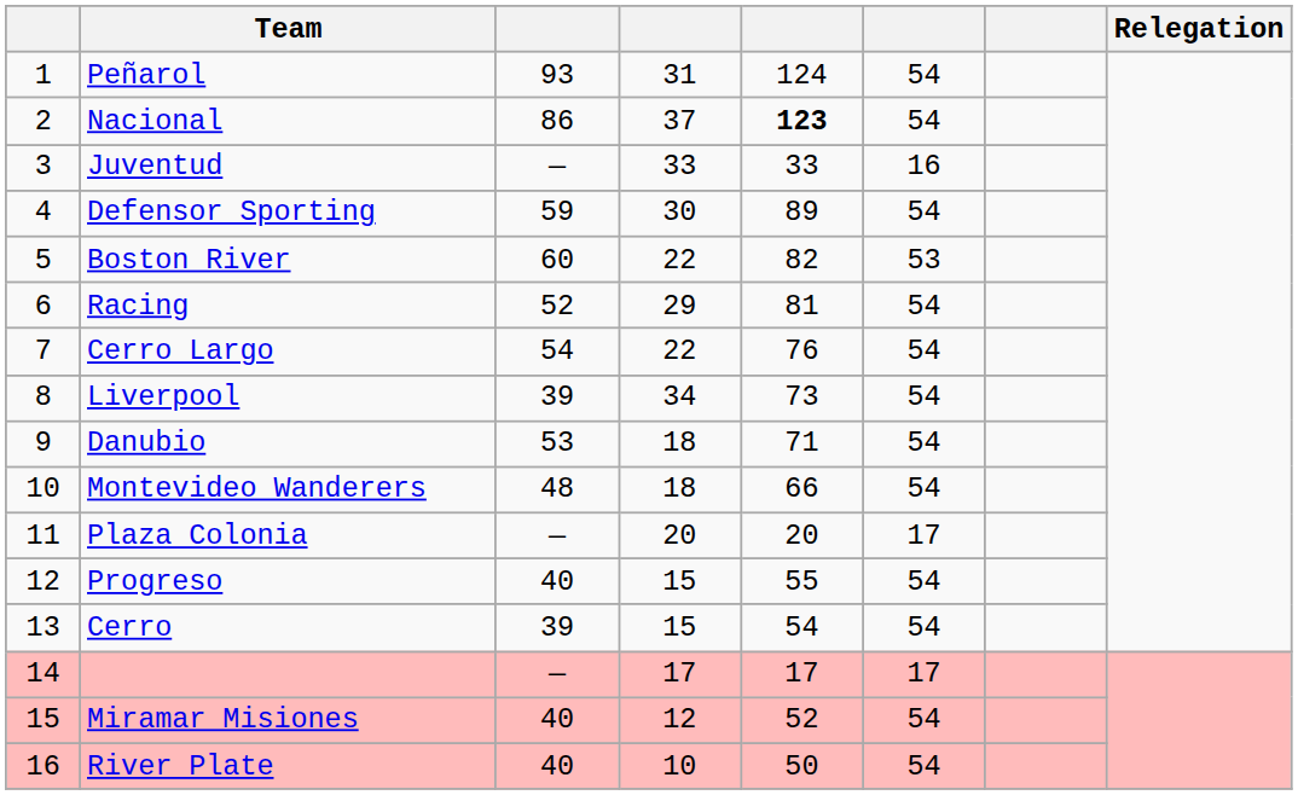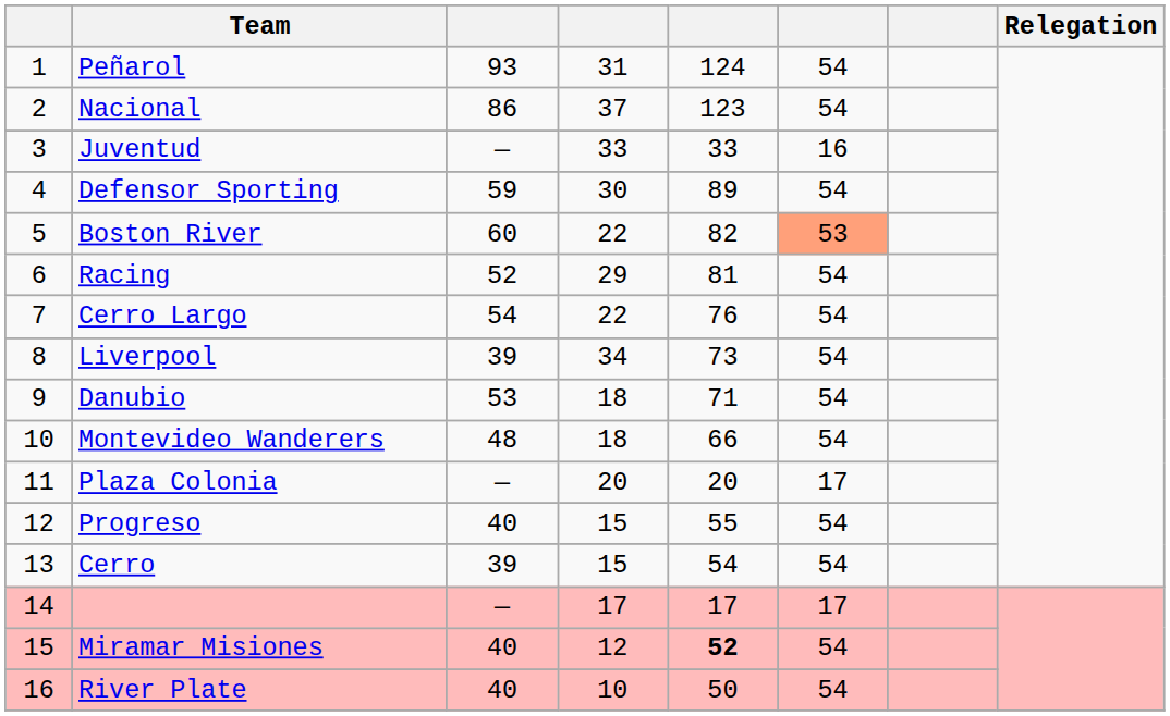 <table class="wikitable" style="text-align: center;">
 <tr>
 <th width=28></th>
 <th width=185>Team</th>
 <th width=50></th>
 <th width=50></th>
 <th width=50></th>
 <th width=50></th>
 <th width=50><br></th>
 <th>Relegation</th>
 </tr>
 <tr>
 <td>1</td>
 <td align="left"><a href='#'>Peñarol</a></td>
 <td>93</td>
 <td>31</td>
 <td>124</td>
 <td>54</td>
 <td><strong></strong></td>
 <td rowspan=13></td>
 </tr>
 <tr>
 <td>2</td>
 <td align="left"><a href='#'>Nacional</a></td>
 <td>86</td>
 <td>37</td>
-<td><strong>123</strong></td>
+<td>123</td>
 <td>54</td>
 <td><strong></strong></td>
 </tr>
 <tr>
 <td>3</td>
 <td align="left"><a href='#'>Juventud</a></td>
 <td>—</td>
 <td>33</td>
 <td>33</td>
 <td>16</td>
 <td><strong></strong></td>
 </tr>
 <tr>
 <td>4</td>
 <td align="left"><a href='#'>Defensor Sporting</a></td>
 <td>59</td>
 <td>30</td>
 <td>89</td>
 <td>54</td>
 <td><strong></strong></td>
 </tr>
 <tr>
 <td>5</td>
 <td align="left"><a href='#'>Boston River</a></td>
 <td>60</td>
 <td>22</td>
 <td>82</td>
-<td>53</td>
+<td style="background: lightsalmon;">53</td>
 <td><strong></strong></td>
 </tr>
 <tr>
 <td>6</td>
 <td align="left"><a href='#'>Racing</a></td>
 <td>52</td>
 <td>29</td>
 <td>81</td>
 <td>54</td>
 <td><strong></strong></td>
 </tr>
 <tr>
 <td>7</td>
 <td align="left"><a href='#'>Cerro Largo</a></td>
 <td>54</td>
 <td>22</td>
 <td>76</td>
 <td>54</td>
 <td><strong></strong></td>
 </tr>
 <tr>
 <td>8</td>
 <td align="left"><a href='#'>Liverpool</a></td>
 <td>39</td>
 <td>34</td>
 <td>73</td>
 <td>54</td>
 <td><strong></strong></td>
 </tr>
 <tr>
 <td>9</td>
 <td align="left"><a href='#'>Danubio</a></td>
 <td>53</td>
 <td>18</td>
 <td>71</td>
 <td>54</td>
 <td><strong></strong></td>
 </tr>
 <tr>
 <td>10</td>
 <td align="left"><a href='#'>Montevideo Wanderers</a></td>
 <td>48</td>
 <td>18</td>
 <td>66</td>
 <td>54</td>
 <td><strong></strong></td>
 </tr>
 <tr>
 <td>11</td>
 <td align="left"><a href='#'>Plaza Colonia</a></td>
 <td>—</td>
 <td>20</td>
 <td>20</td>
 <td>17</td>
 <td><strong></strong></td>
 </tr>
 <tr>
 <td>12</td>
 <td align="left"><a href='#'>Progreso</a></td>
 <td>40</td>
 <td>15</td>
 <td>55</td>
 <td>54</td>
 <td><strong></strong></td>
 </tr>
 <tr>
 <td>13</td>
 <td align="left"><a href='#'>Cerro</a></td>
 <td>39</td>
 <td>15</td>
 <td>54</td>
 <td>54</td>
 <td><strong></strong></td>
 </tr>
 <tr bgcolor=#FFBBBB>
 <td>14</td>
 <td align="left"></td>
 <td>—</td>
 <td>17</td>
 <td>17</td>
 <td>17</td>
 <td><strong></strong></td>
 <td rowspan=3></td>
 </tr>
 <tr bgcolor=#FFBBBB>
 <td>15</td>
 <td align="left"><a href='#'>Miramar Misiones</a></td>
 <td>40</td>
 <td>12</td>
-<td>52</td>
+<td><strong>52</strong></td>
 <td>54</td>
 <td><strong></strong></td>
 </tr>
 <tr bgcolor=#FFBBBB>
 <td>16</td>
 <td align="left"><a href='#'>River Plate</a></td>
 <td>40</td>
 <td>10</td>
 <td>50</td>
 <td>54</td>
 <td><strong></strong></td>
 </tr>
 </table>
